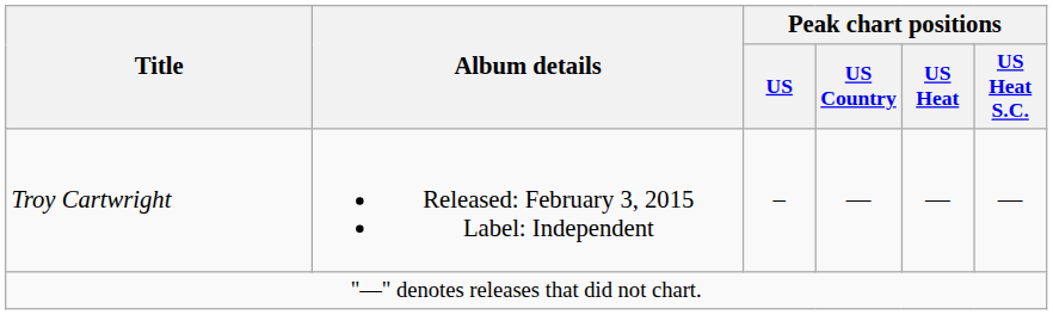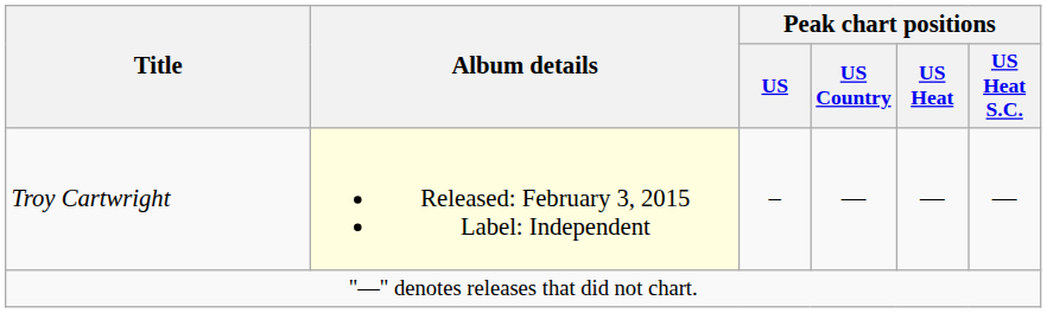 <table class="wikitable plainrowheaders" style="text-align:center;" border="1">
 <tr>
 <th scope="col" rowspan="2" style="width:12em;">Title</th>
 <th scope="col" rowspan="2" style="width:17em;">Album details</th>
 <th scope="col" colspan="4">Peak chart positions</th>
 </tr>
 <tr>
 <th scope="col" style="width:3em;font-size:85%;"><a href='#'>US</a></th>
 <th scope="col" style="width:3em;font-size:85%;"><a href='#'>US<br>Country</a></th>
 <th scope="col" style="width:3em;font-size:85%;"><a href='#'>US<br>Heat</a></th>
 <th scope="col" style="width:3em;font-size:85%;"><a href='#'>US<br>Heat S.C.</a></th>
 </tr>
 <tr>
 <td style= "text-align: left;"><em>Troy Cartwright</em></td>
-<td><br><ul><li>Released: February 3, 2015</li><li>Label: Independent</li></ul></td>
+<td style="background: lightyellow;"><br><ul><li>Released: February 3, 2015</li><li>Label: Independent</li></ul></td>
 <td>–</td>
 <td>—</td>
 <td>—</td>
 <td>—</td>
 </tr>
 <tr>
 <td colspan="12" style="text-align:center; font-size:90%;">"—" denotes releases that did not chart.</td>
 </tr>
 </table>
